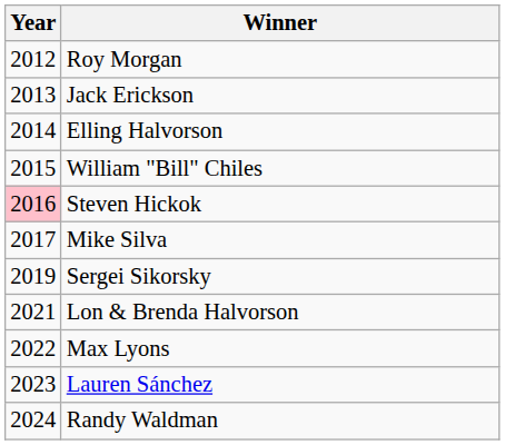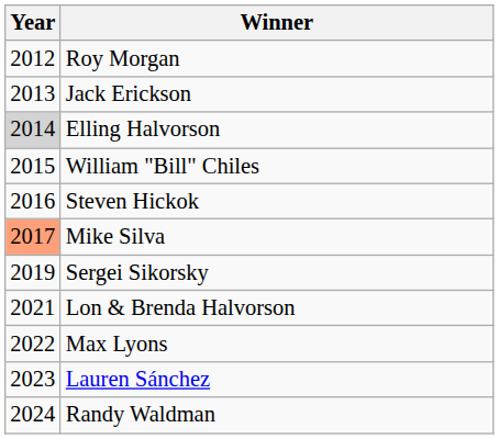 <table class="wikitable" style="text-align:left">
 <tr>
 <th style="width:20px;">Year</th>
 <th style="width:300px;">Winner</th>
 </tr>
 <tr>
 <td>2012</td>
 <td>Roy Morgan</td>
 </tr>
 <tr>
 <td>2013</td>
 <td>Jack Erickson</td>
 </tr>
 <tr>
-<td>2014</td>
+<td style="background: lightgrey;">2014</td>
 <td>Elling Halvorson</td>
 </tr>
 <tr>
 <td>2015</td>
 <td>William "Bill" Chiles</td>
 </tr>
 <tr>
-<td style="background: pink;">2016</td>
+<td>2016</td>
 <td>Steven Hickok</td>
 </tr>
 <tr>
-<td>2017</td>
+<td style="background: lightsalmon;">2017</td>
 <td>Mike Silva</td>
 </tr>
 <tr>
 <td>2019</td>
 <td>Sergei Sikorsky</td>
 </tr>
 <tr>
 <td>2021</td>
 <td>Lon & Brenda Halvorson</td>
 </tr>
 <tr>
 <td>2022</td>
 <td>Max Lyons</td>
 </tr>
 <tr>
 <td>2023</td>
 <td><a href='#'>Lauren Sánchez</a></td>
 </tr>
 <tr>
 <td>2024</td>
 <td>Randy Waldman</td>
 </tr>
 </table>
